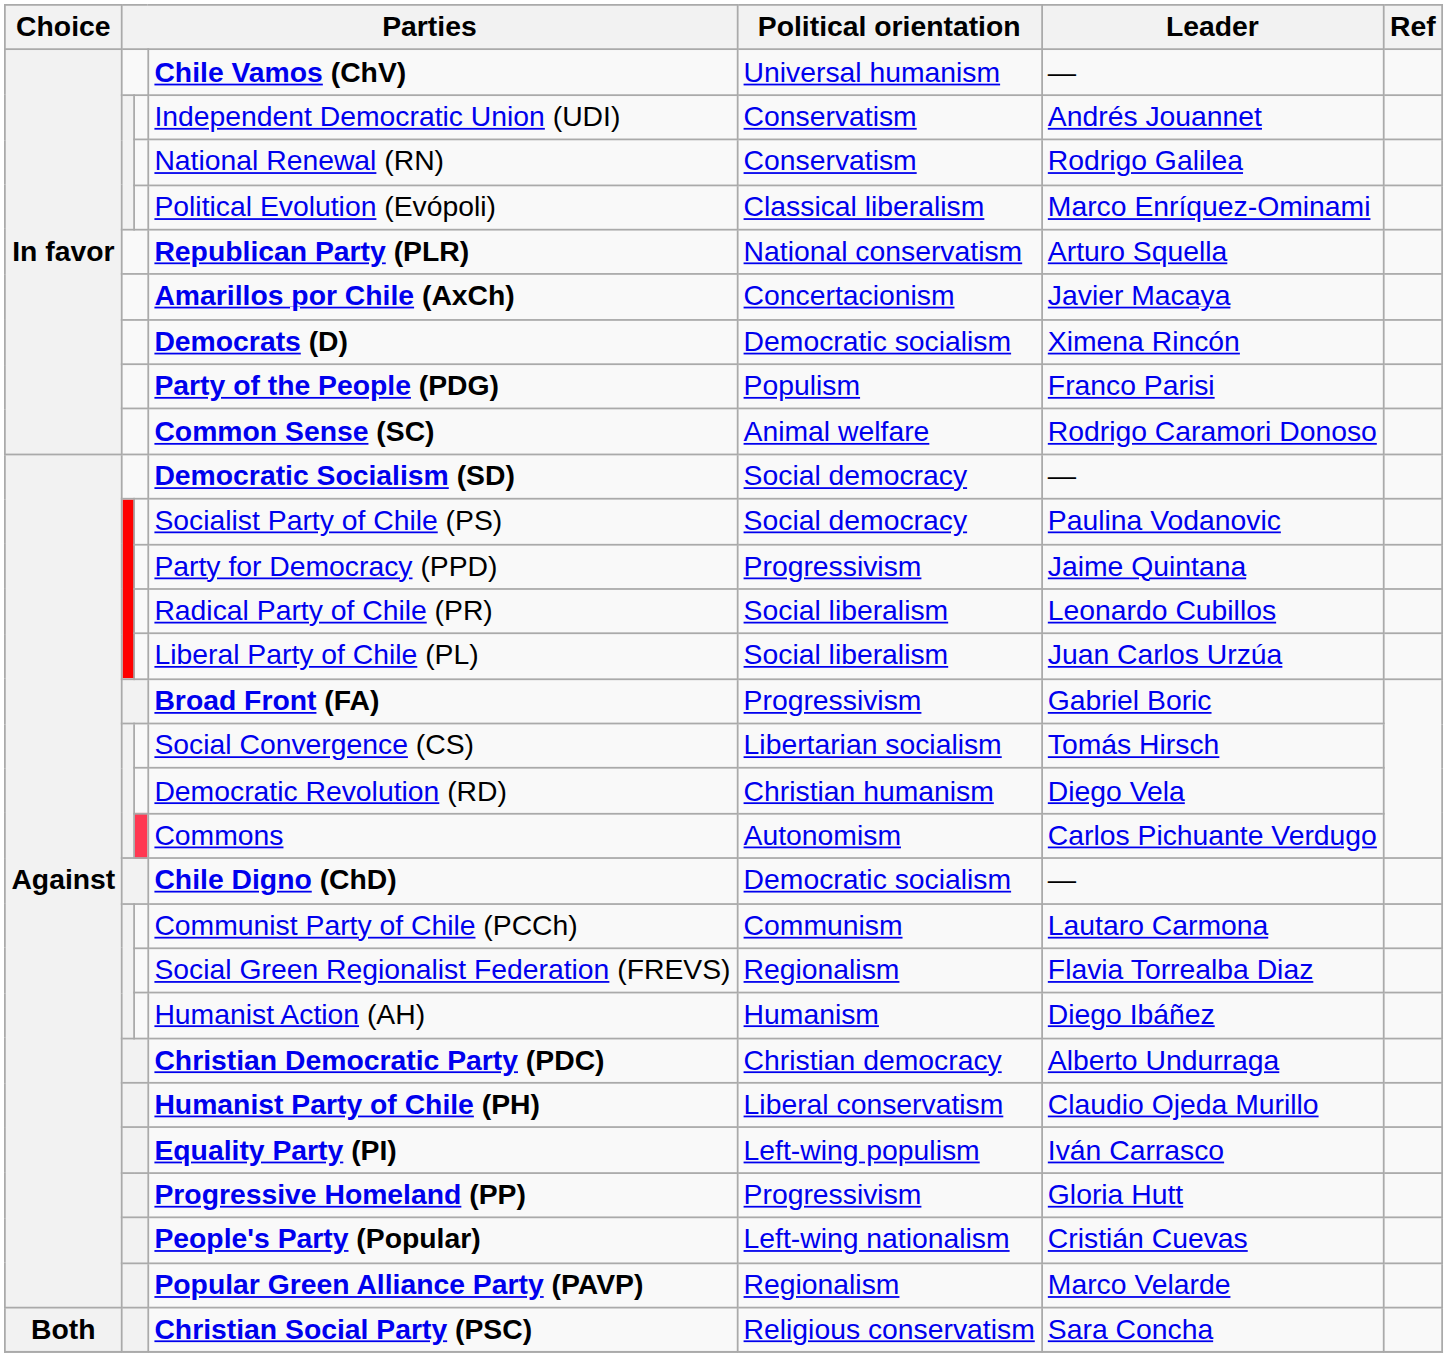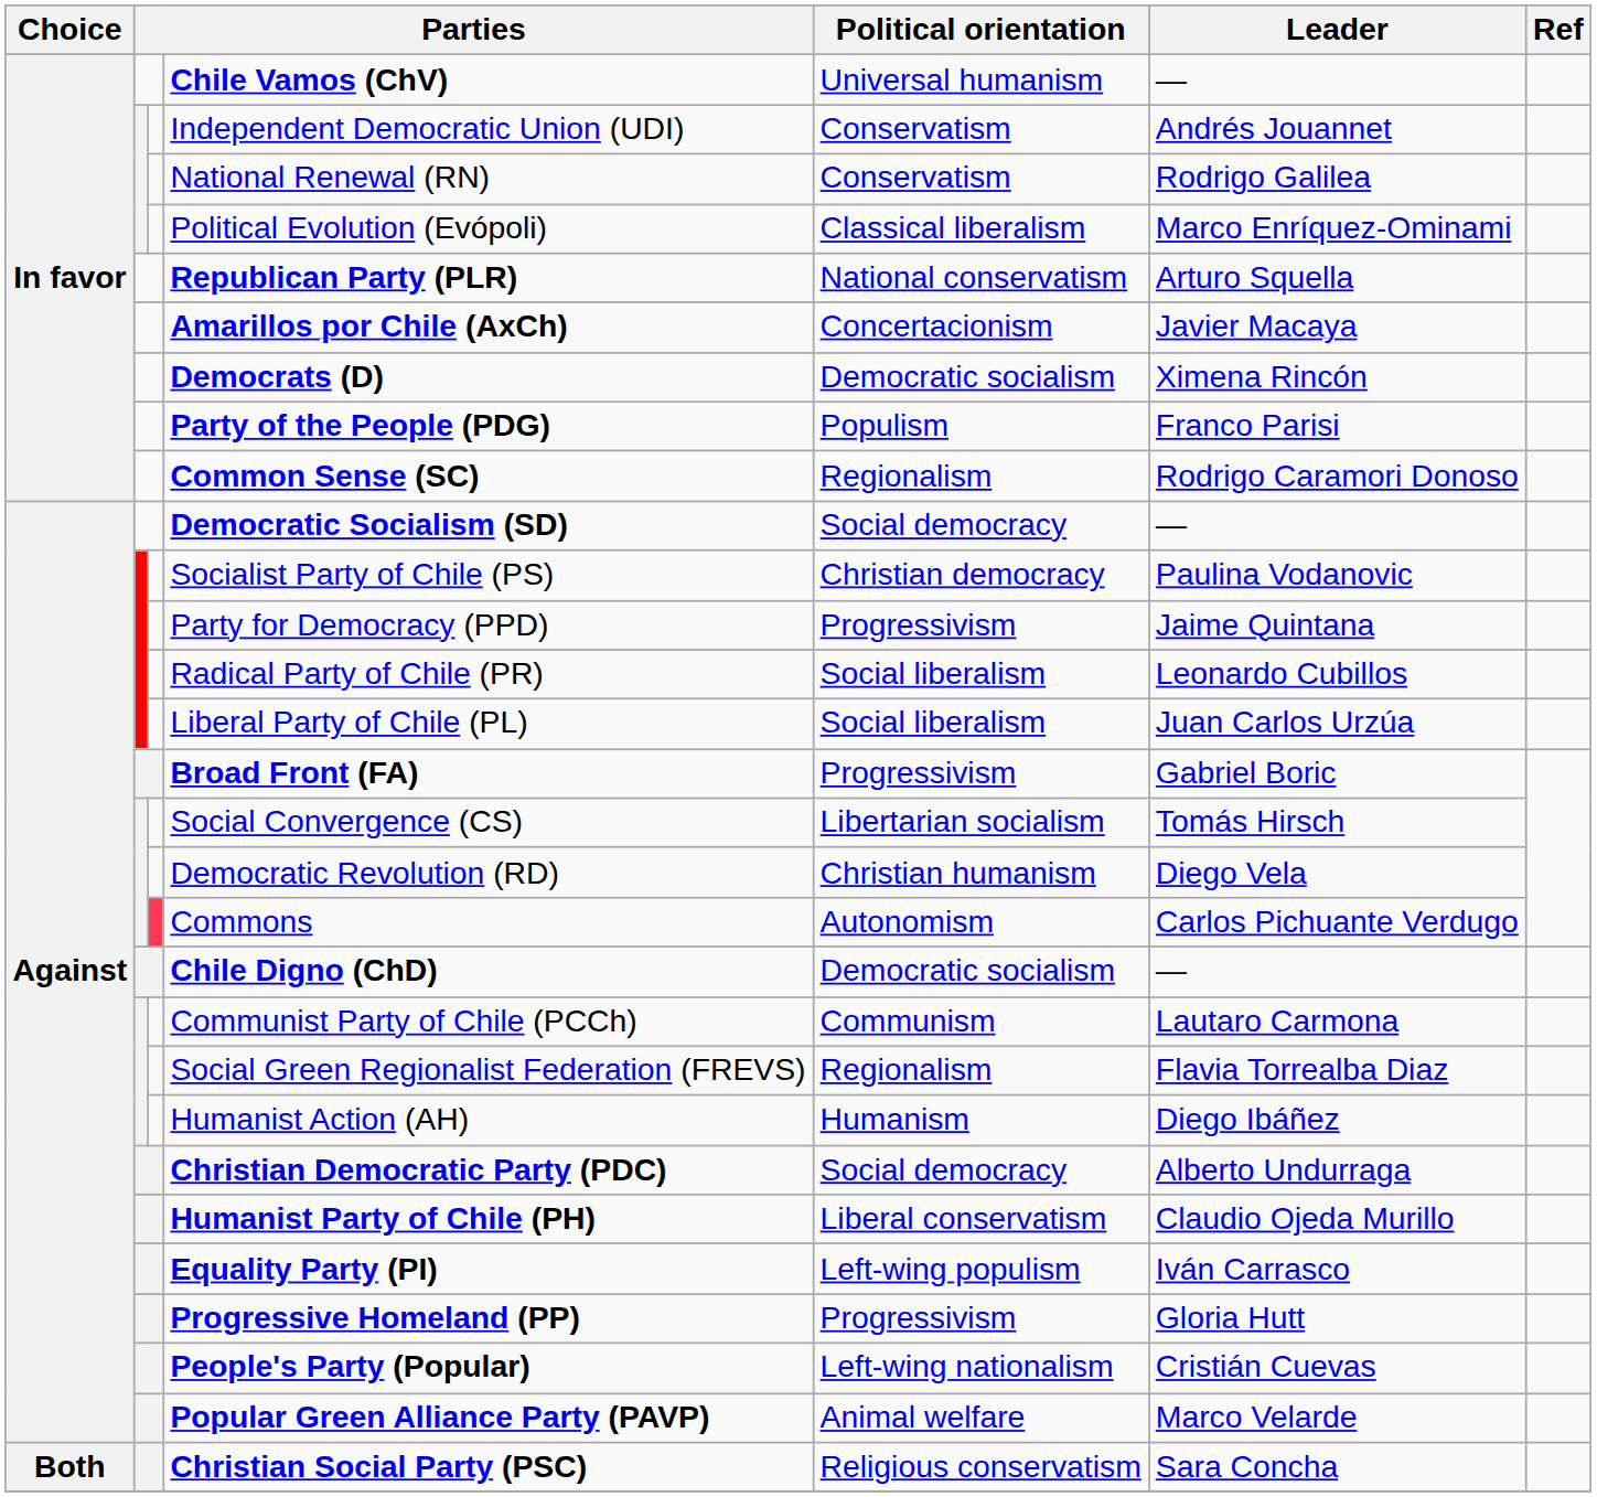 <table class=wikitable>
 <tr>
 <th>Choice</th>
 <th colspan=3>Parties</th>
 <th>Political orientation</th>
 <th>Leader</th>
 <th>Ref</th>
 </tr>
 <tr>
 <th rowspan="9"> In favor</th>
 <td colspan="2" style="background-color: "></td>
 <td> <strong><a href='#'>Chile Vamos</a> (ChV)</strong></td>
 <td><a href='#'>Universal humanism</a></td>
 <td>—</td>
 <td></td>
 </tr>
 <tr>
 <th rowspan="3" style="background-color: "></th>
 <td style="background-color:"></td>
 <td> <a href='#'>Independent Democratic Union</a> (UDI)</td>
 <td><a href='#'>Conservatism</a></td>
 <td><a href='#'>Andrés Jouannet</a></td>
 <td></td>
 </tr>
 <tr>
 <td style="background-color:"></td>
 <td> <a href='#'>National Renewal</a> (RN)</td>
 <td><a href='#'>Conservatism</a></td>
 <td><a href='#'>Rodrigo Galilea</a></td>
 <td></td>
 </tr>
 <tr>
 <td style="background-color:"></td>
 <td> <a href='#'>Political Evolution</a> (Evópoli)</td>
 <td><a href='#'>Classical liberalism</a></td>
 <td><a href='#'>Marco Enríquez-Ominami</a></td>
 <td></td>
 </tr>
 <tr>
 <td colspan=2 style="background-color: "></td>
 <td> <strong><a href='#'>Republican Party</a> (PLR)</strong></td>
 <td><a href='#'>National conservatism</a></td>
 <td><a href='#'>Arturo Squella</a></td>
 <td></td>
 </tr>
 <tr>
 <td colspan=2 style="background-color: "></td>
 <td> <strong><a href='#'>Amarillos por Chile</a> (AxCh)</strong></td>
 <td><a href='#'>Concertacionism</a></td>
 <td><a href='#'>Javier Macaya</a></td>
 <td></td>
 </tr>
 <tr>
 <td colspan=2 style="background-color: "></td>
 <td> <strong><a href='#'>Democrats</a> (D)</strong></td>
 <td><a href='#'>Democratic socialism</a></td>
 <td><a href='#'>Ximena Rincón</a></td>
 <td></td>
 </tr>
 <tr>
 <td colspan=2 style="background-color: "></td>
 <td><strong><a href='#'>Party of the People</a> (PDG)</strong></td>
 <td><a href='#'>Populism</a></td>
 <td><a href='#'>Franco Parisi</a></td>
 <td></td>
 </tr>
 <tr>
 <td colspan=2 style="background-color: "></td>
 <td> <strong><a href='#'>Common Sense</a> (SC)</strong></td>
-<td><a href='#'>Animal welfare</a></td>
+<td><a href='#'>Regionalism</a></td>
 <td><a href='#'>Rodrigo Caramori Donoso</a></td>
 <td></td>
 </tr>
 <tr>
 <th rowspan="19"> Against</th>
 <td colspan="2" style="background-color:"></td>
 <td> <strong><a href='#'>Democratic Socialism</a> (SD)</strong></td>
 <td><a href='#'>Social democracy</a></td>
 <td>—</td>
 <td></td>
 </tr>
 <tr>
 <th rowspan="4" style="background-color: #FF0000"></th>
 <td style="background-color:"></td>
 <td> <a href='#'>Socialist Party of Chile</a> (PS)</td>
-<td><a href='#'>Social democracy</a></td>
+<td><a href='#'>Christian democracy</a></td>
 <td><a href='#'>Paulina Vodanovic</a></td>
 <td></td>
 </tr>
 <tr>
 <td style="background-color:"></td>
 <td> <a href='#'>Party for Democracy</a> (PPD)</td>
 <td><a href='#'>Progressivism</a></td>
 <td><a href='#'>Jaime Quintana</a></td>
 <td></td>
 </tr>
 <tr>
 <td style="background-color:"></td>
 <td> <a href='#'>Radical Party of Chile</a> (PR)</td>
 <td><a href='#'>Social liberalism</a></td>
 <td><a href='#'>Leonardo Cubillos</a></td>
 <td></td>
 </tr>
 <tr>
 <td style="background-color:"></td>
 <td> <a href='#'>Liberal Party of Chile</a> (PL)</td>
 <td><a href='#'>Social liberalism</a></td>
 <td><a href='#'>Juan Carlos Urzúa</a></td>
 <td></td>
 </tr>
 <tr>
 <th colspan="2" style="background-color:"></th>
 <td><a href='#'><strong>Broad Front</strong></a> <strong>(FA)</strong></td>
 <td><a href='#'>Progressivism</a></td>
 <td><a href='#'>Gabriel Boric</a></td>
 <td rowspan="4"></td>
 </tr>
 <tr>
 <th rowspan="3" style="background-color:"></th>
 <td style="background-color:"></td>
 <td> <a href='#'>Social Convergence</a> (CS)</td>
 <td><a href='#'>Libertarian socialism</a></td>
 <td><a href='#'>Tomás Hirsch</a></td>
 </tr>
 <tr>
 <td style="background-color:"></td>
 <td> <a href='#'>Democratic Revolution</a> (RD)</td>
 <td><a href='#'>Christian humanism</a></td>
 <td><a href='#'>Diego Vela</a></td>
 </tr>
 <tr>
 <td style="background-color:#FF3852 "></td>
 <td> <a href='#'>Commons</a></td>
 <td><a href='#'>Autonomism</a></td>
 <td><a href='#'>Carlos Pichuante Verdugo</a></td>
 </tr>
 <tr>
 <th colspan="2" style="background-color:"></th>
 <td><strong><a href='#'>Chile Digno</a> (ChD)</strong></td>
 <td><a href='#'>Democratic socialism</a></td>
 <td>—</td>
 <td></td>
 </tr>
 <tr>
 <th rowspan="3" style="background-color:"></th>
 <td style="background-color:"></td>
 <td> <a href='#'>Communist Party of Chile</a> (PCCh)</td>
 <td><a href='#'>Communism</a></td>
 <td><a href='#'>Lautaro Carmona</a></td>
 <td></td>
 </tr>
 <tr>
 <td style="background-color:"></td>
 <td><a href='#'>Social Green Regionalist Federation</a> (FREVS)</td>
 <td><a href='#'>Regionalism</a></td>
 <td><a href='#'>Flavia Torrealba Diaz</a></td>
 <td></td>
 </tr>
 <tr>
 <td style="background-color:"></td>
 <td> <a href='#'>Humanist Action</a> (AH)</td>
 <td><a href='#'>Humanism</a></td>
 <td><a href='#'>Diego Ibáñez</a></td>
 <td></td>
 </tr>
 <tr>
 <th colspan="2" style="background-color:"></th>
 <td> <strong><a href='#'>Christian Democratic Party</a> (PDC)</strong></td>
-<td><a href='#'>Christian democracy</a></td>
+<td><a href='#'>Social democracy</a></td>
 <td><a href='#'>Alberto Undurraga</a></td>
 <td></td>
 </tr>
 <tr>
 <th colspan="2" style="background-color:"></th>
 <td> <strong><a href='#'>Humanist Party of Chile</a> (PH)</strong></td>
 <td><a href='#'>Liberal conservatism</a></td>
 <td><a href='#'>Claudio Ojeda Murillo</a></td>
 <td></td>
 </tr>
 <tr>
 <th colspan="2" style="background-color:"></th>
 <td><strong><a href='#'>Equality Party</a> (PI)</strong></td>
 <td><a href='#'>Left-wing populism</a></td>
 <td><a href='#'>Iván Carrasco</a></td>
 <td></td>
 </tr>
 <tr>
 <th colspan="2" style="background-color:"></th>
 <td><strong><a href='#'>Progressive Homeland</a> (PP)</strong></td>
 <td><a href='#'>Progressivism</a></td>
 <td><a href='#'>Gloria Hutt</a></td>
 <td></td>
 </tr>
 <tr>
 <th colspan="2" style="background-color:"></th>
 <td> <strong><a href='#'>People's Party</a> (Popular)</strong></td>
 <td><a href='#'>Left-wing nationalism</a></td>
 <td><a href='#'>Cristián Cuevas</a></td>
 <td></td>
 </tr>
 <tr>
 <th colspan="2" style="background-color:"></th>
 <td><strong><a href='#'>Popular Green Alliance Party</a></strong> <strong>(PAVP)</strong></td>
-<td><a href='#'>Regionalism</a></td>
+<td><a href='#'>Animal welfare</a></td>
 <td><a href='#'>Marco Velarde</a></td>
 <td></td>
 </tr>
 <tr>
 <th>  Both</th>
 <th colspan="2" style="background-color:"></th>
 <td> <strong><a href='#'>Christian Social Party</a> (PSC)</strong></td>
 <td><a href='#'>Religious conservatism</a></td>
 <td><a href='#'>Sara Concha</a></td>
 <td></td>
 </tr>
 <tr>
 </tr>
 </table>
